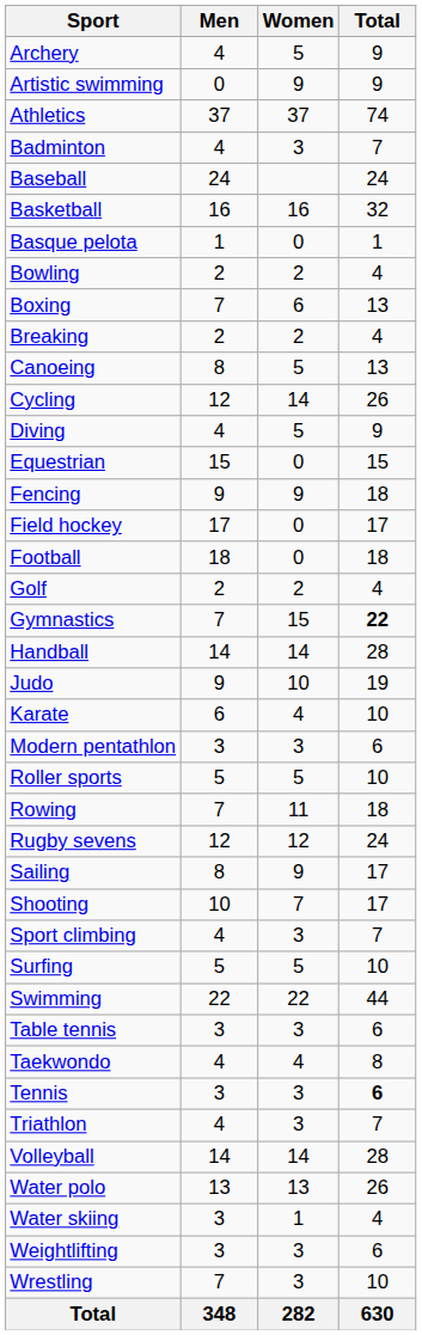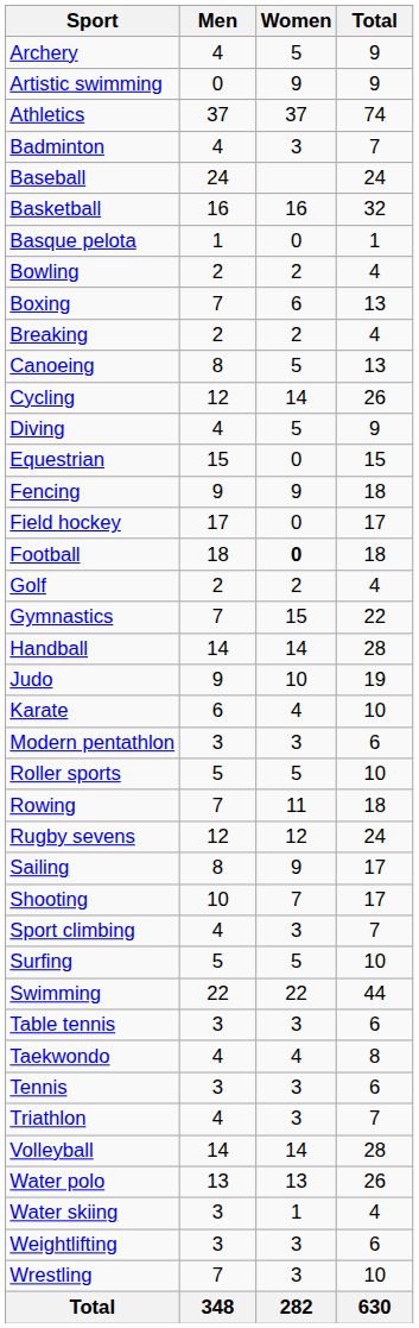 <table class="wikitable sortable" style="text-align:center;">
 <tr>
 <th width=120>Sport</th>
 <th width=55>Men</th>
 <th width=55>Women</th>
 <th width=55>Total</th>
 </tr>
 <tr>
 <td align=left><a href='#'>Archery</a></td>
 <td>4</td>
 <td>5</td>
 <td>9</td>
 </tr>
 <tr>
 <td align=left><a href='#'>Artistic swimming</a></td>
 <td>0</td>
 <td>9</td>
 <td>9</td>
 </tr>
 <tr>
 <td align=left><a href='#'>Athletics</a></td>
 <td>37</td>
 <td>37</td>
 <td>74</td>
 </tr>
 <tr>
 <td align=left><a href='#'>Badminton</a></td>
 <td>4</td>
 <td>3</td>
 <td>7</td>
 </tr>
 <tr>
 <td align=left><a href='#'>Baseball</a></td>
 <td>24</td>
 <td></td>
 <td>24</td>
 </tr>
 <tr>
 <td align=left><a href='#'>Basketball</a></td>
 <td>16</td>
 <td>16</td>
 <td>32</td>
 </tr>
 <tr>
 <td align=left><a href='#'>Basque pelota</a></td>
 <td>1</td>
 <td>0</td>
 <td>1</td>
 </tr>
 <tr>
 <td align=left><a href='#'>Bowling</a></td>
 <td>2</td>
 <td>2</td>
 <td>4</td>
 </tr>
 <tr>
 <td align=left><a href='#'>Boxing</a></td>
 <td>7</td>
 <td>6</td>
 <td>13</td>
 </tr>
 <tr>
 <td align=left><a href='#'>Breaking</a></td>
 <td>2</td>
 <td>2</td>
 <td>4</td>
 </tr>
 <tr>
 <td align=left><a href='#'>Canoeing</a></td>
 <td>8</td>
 <td>5</td>
 <td>13</td>
 </tr>
 <tr>
 <td align=left><a href='#'>Cycling</a></td>
 <td>12</td>
 <td>14</td>
 <td>26</td>
 </tr>
 <tr>
 <td align=left><a href='#'>Diving</a></td>
 <td>4</td>
 <td>5</td>
 <td>9</td>
 </tr>
 <tr>
 <td align=left><a href='#'>Equestrian</a></td>
 <td>15</td>
 <td>0</td>
 <td>15</td>
 </tr>
 <tr>
 <td align=left><a href='#'>Fencing</a></td>
 <td>9</td>
 <td>9</td>
 <td>18</td>
 </tr>
 <tr>
 <td align=left><a href='#'>Field hockey</a></td>
 <td>17</td>
 <td>0</td>
 <td>17</td>
 </tr>
 <tr>
 <td align=left><a href='#'>Football</a></td>
 <td>18</td>
-<td>0</td>
+<td><strong>0</strong></td>
 <td>18</td>
 </tr>
 <tr>
 <td align=left><a href='#'>Golf</a></td>
 <td>2</td>
 <td>2</td>
 <td>4</td>
 </tr>
 <tr>
 <td align=left><a href='#'>Gymnastics</a></td>
 <td>7</td>
 <td>15</td>
-<td><strong>22</strong></td>
+<td>22</td>
 </tr>
 <tr>
 <td align=left><a href='#'>Handball</a></td>
 <td>14</td>
 <td>14</td>
 <td>28</td>
 </tr>
 <tr>
 <td align=left><a href='#'>Judo</a></td>
 <td>9</td>
 <td>10</td>
 <td>19</td>
 </tr>
 <tr>
 <td align=left><a href='#'>Karate</a></td>
 <td>6</td>
 <td>4</td>
 <td>10</td>
 </tr>
 <tr>
 <td align=left nowrap><a href='#'>Modern pentathlon</a></td>
 <td>3</td>
 <td>3</td>
 <td>6</td>
 </tr>
 <tr>
 <td align=left><a href='#'>Roller sports</a></td>
 <td>5</td>
 <td>5</td>
 <td>10</td>
 </tr>
 <tr>
 <td align=left><a href='#'>Rowing</a></td>
 <td>7</td>
 <td>11</td>
 <td>18</td>
 </tr>
 <tr>
 <td align=left><a href='#'>Rugby sevens</a></td>
 <td>12</td>
 <td>12</td>
 <td>24</td>
 </tr>
 <tr>
 <td align=left><a href='#'>Sailing</a></td>
 <td>8</td>
 <td>9</td>
 <td>17</td>
 </tr>
 <tr>
 <td align=left><a href='#'>Shooting</a></td>
 <td>10</td>
 <td>7</td>
 <td>17</td>
 </tr>
 <tr>
 <td align=left><a href='#'>Sport climbing</a></td>
 <td>4</td>
 <td>3</td>
 <td>7</td>
 </tr>
 <tr>
 <td align=left><a href='#'>Surfing</a></td>
 <td>5</td>
 <td>5</td>
 <td>10</td>
 </tr>
 <tr>
 <td align=left><a href='#'>Swimming</a></td>
 <td>22</td>
 <td>22</td>
 <td>44</td>
 </tr>
 <tr>
 <td align=left><a href='#'>Table tennis</a></td>
 <td>3</td>
 <td>3</td>
 <td>6</td>
 </tr>
 <tr>
 <td align=left><a href='#'>Taekwondo</a></td>
 <td>4</td>
 <td>4</td>
 <td>8</td>
 </tr>
 <tr>
 <td align=left><a href='#'>Tennis</a></td>
 <td>3</td>
 <td>3</td>
-<td><strong>6</strong></td>
+<td>6</td>
 </tr>
 <tr>
 <td align=left><a href='#'>Triathlon</a></td>
 <td>4</td>
 <td>3</td>
 <td>7</td>
 </tr>
 <tr>
 <td align=left><a href='#'>Volleyball</a></td>
 <td>14</td>
 <td>14</td>
 <td>28</td>
 </tr>
 <tr>
 <td align=left><a href='#'>Water polo</a></td>
 <td>13</td>
 <td>13</td>
 <td>26</td>
 </tr>
 <tr>
 <td align=left><a href='#'>Water skiing</a></td>
 <td>3</td>
 <td>1</td>
 <td>4</td>
 </tr>
 <tr>
 <td align=left><a href='#'>Weightlifting</a></td>
 <td>3</td>
 <td>3</td>
 <td>6</td>
 </tr>
 <tr>
 <td align=left><a href='#'>Wrestling</a></td>
 <td>7</td>
 <td>3</td>
 <td>10</td>
 </tr>
 <tr>
 <th>Total</th>
 <th>348</th>
 <th>282</th>
 <th>630</th>
 </tr>
 </table>
